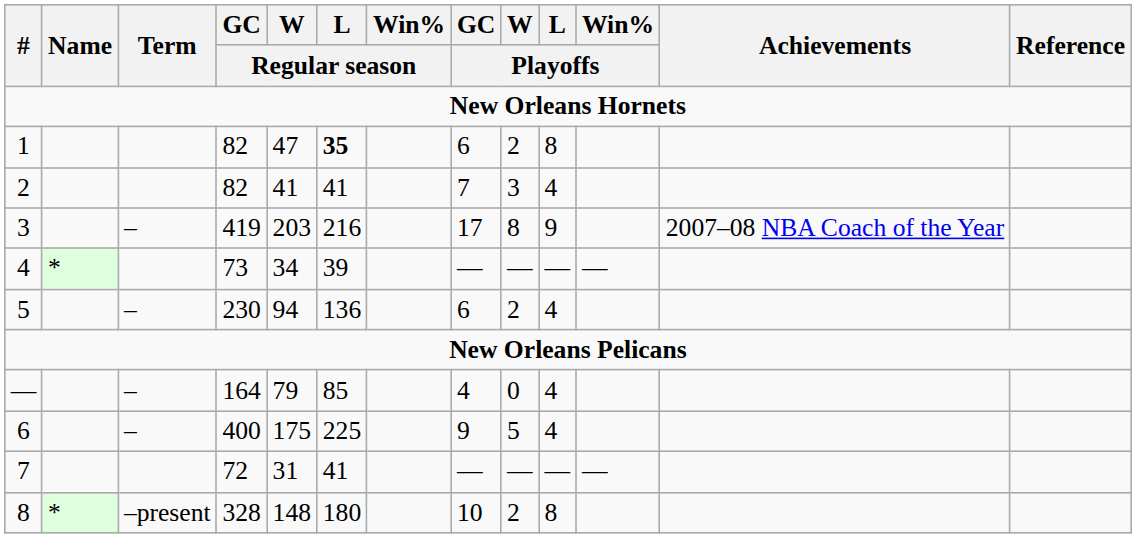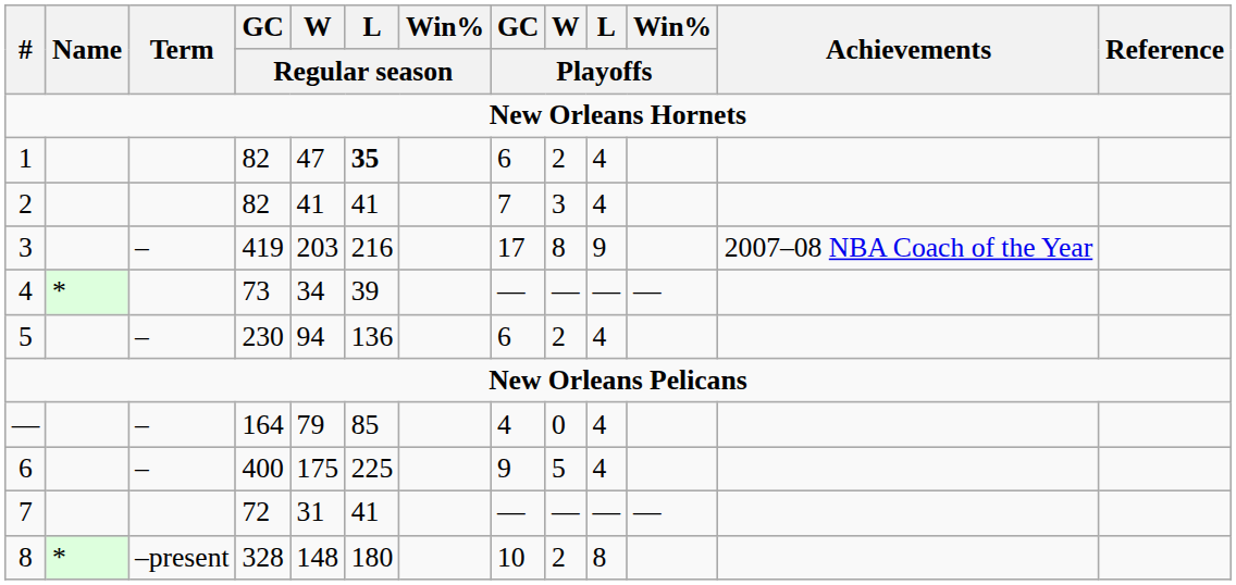 <table class="wikitable sortable">
 <tr>
 <th rowspan="2">#</th>
 <th rowspan="2">Name</th>
 <th rowspan="2">Term</th>
 <th>GC</th>
 <th>W</th>
 <th>L</th>
 <th>Win%</th>
 <th>GC</th>
 <th>W</th>
 <th>L</th>
 <th>Win%</th>
 <th rowspan="2" class=unsortable>Achievements</th>
 <th rowspan="2" class=unsortable>Reference</th>
 </tr>
 <tr class="unsortable">
 <th colspan="4">Regular season</th>
 <th colspan="4">Playoffs</th>
 </tr>
 <tr>
 <td colspan="16" align=center><strong>New Orleans Hornets</strong></td>
 </tr>
 <tr>
 <td align=center>1</td>
 <td></td>
 <td></td>
 <td>82</td>
 <td>47</td>
 <td><strong>35</strong></td>
 <td></td>
 <td>6</td>
 <td>2</td>
-<td>8</td>
+<td>4</td>
 <td></td>
 <td></td>
 <td align=center></td>
 </tr>
 <tr>
 <td align=center>2</td>
 <td></td>
 <td></td>
 <td>82</td>
 <td>41</td>
 <td>41</td>
 <td></td>
 <td>7</td>
 <td>3</td>
 <td>4</td>
 <td></td>
 <td></td>
 <td align=center></td>
 </tr>
 <tr>
 <td align=center>3</td>
 <td></td>
 <td>–</td>
 <td>419</td>
 <td>203</td>
 <td>216</td>
 <td></td>
 <td>17</td>
 <td>8</td>
 <td>9</td>
 <td></td>
 <td>2007–08 <a href='#'>NBA Coach of the Year</a></td>
 <td align=center></td>
 </tr>
 <tr>
 <td align=center>4</td>
 <td style="background-color:#ddffdd">*</td>
 <td></td>
 <td>73</td>
 <td>34</td>
 <td>39</td>
 <td></td>
 <td>—</td>
 <td>—</td>
 <td>—</td>
 <td>—</td>
 <td></td>
 <td align=center></td>
 </tr>
 <tr>
 <td align=center>5</td>
 <td></td>
 <td>–</td>
 <td>230</td>
 <td>94</td>
 <td>136</td>
 <td></td>
 <td>6</td>
 <td>2</td>
 <td>4</td>
 <td></td>
 <td></td>
 <td align=center></td>
 </tr>
 <tr>
 <td colspan="16" align=center><strong>New Orleans Pelicans</strong></td>
 </tr>
 <tr>
 <td align=center>—</td>
 <td></td>
 <td>–</td>
 <td>164</td>
 <td>79</td>
 <td>85</td>
 <td></td>
 <td>4</td>
 <td>0</td>
 <td>4</td>
 <td></td>
 <td></td>
 <td align=center></td>
 </tr>
 <tr>
 <td align=center>6</td>
 <td></td>
 <td>–</td>
 <td>400</td>
 <td>175</td>
 <td>225</td>
 <td></td>
 <td>9</td>
 <td>5</td>
 <td>4</td>
 <td></td>
 <td></td>
 <td align=center></td>
 </tr>
 <tr>
 <td align=center>7</td>
 <td></td>
 <td></td>
 <td>72</td>
 <td>31</td>
 <td>41</td>
 <td></td>
 <td>—</td>
 <td>—</td>
 <td>—</td>
 <td>—</td>
 <td></td>
 <td align=center></td>
 </tr>
 <tr>
 <td align=center> 8</td>
 <td style="background-color:#ddffdd">*</td>
 <td>–present</td>
 <td>328</td>
 <td>148</td>
 <td>180</td>
 <td></td>
 <td>10</td>
 <td>2</td>
 <td>8</td>
 <td></td>
 <td></td>
 <td align=center></td>
 </tr>
 </table>
